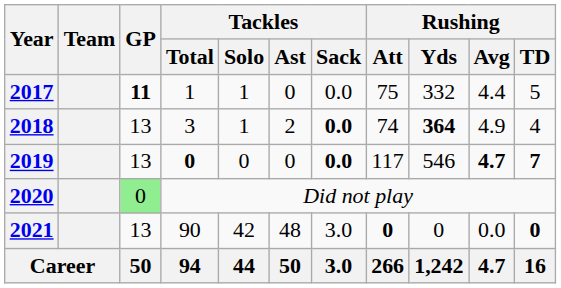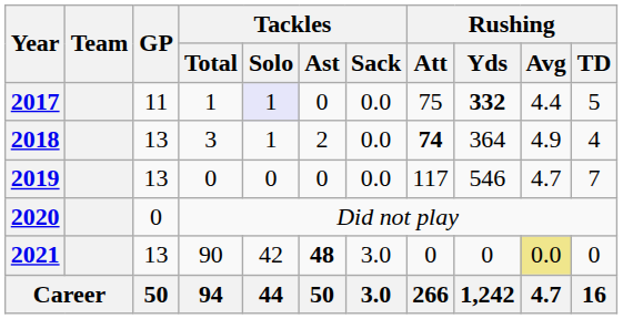 <table class="wikitable" style="text-align:center;">
 <tr>
 <th rowspan="2">Year</th>
 <th rowspan="2">Team</th>
 <th rowspan="2">GP</th>
 <th colspan="4">Tackles</th>
 <th colspan="4">Rushing</th>
 </tr>
 <tr>
 <th>Total</th>
 <th>Solo</th>
 <th>Ast</th>
 <th>Sack</th>
 <th>Att</th>
 <th>Yds</th>
 <th>Avg</th>
 <th>TD</th>
 </tr>
 <tr>
 <th><a href='#'>2017</a></th>
 <th><a href='#'></a></th>
-<td><strong>11</strong></td>
+<td>11</td>
 <td>1</td>
-<td>1</td>
+<td style="background: lavender;">1</td>
 <td>0</td>
 <td>0.0</td>
 <td>75</td>
-<td>332</td>
+<td><strong>332</strong></td>
 <td>4.4</td>
 <td>5</td>
 </tr>
 <tr>
 <th><a href='#'>2018</a></th>
 <th><a href='#'></a></th>
 <td>13</td>
 <td>3</td>
 <td>1</td>
 <td>2</td>
-<td><strong>0.0</strong></td>
-<td>74</td>
-<td><strong>364</strong></td>
+<td>0.0</td>
+<td><strong>74</strong></td>
+<td>364</td>
 <td>4.9</td>
 <td>4</td>
 </tr>
 <tr>
 <th><a href='#'>2019</a></th>
 <th><a href='#'></a></th>
 <td>13</td>
-<td><strong>0</strong></td>
 <td>0</td>
 <td>0</td>
-<td><strong>0.0</strong></td>
+<td>0</td>
+<td>0.0</td>
 <td>117</td>
 <td>546</td>
-<td><strong>4.7</strong></td>
-<td><strong>7</strong></td>
+<td>4.7</td>
+<td>7</td>
 </tr>
 <tr>
 <th><a href='#'>2020</a></th>
 <th><a href='#'></a></th>
-<td style="background: lightgreen;">0</td>
+<td>0</td>
 <td colspan="8"><em>Did not play</em></td>
 </tr>
 <tr>
 <th><a href='#'>2021</a></th>
 <th><a href='#'></a></th>
 <td>13</td>
 <td>90</td>
 <td>42</td>
-<td>48</td>
+<td><strong>48</strong></td>
 <td>3.0</td>
-<td><strong>0</strong></td>
 <td>0</td>
-<td>0.0</td>
-<td><strong>0</strong></td>
+<td>0</td>
+<td style="background: khaki;">0.0</td>
+<td>0</td>
 </tr>
 <tr>
 <th align=center colspan="2">Career</th>
 <th>50</th>
 <th>94</th>
 <th>44</th>
 <th>50</th>
 <th>3.0</th>
 <th>266</th>
 <th>1,242</th>
 <th>4.7</th>
 <th>16</th>
 </tr>
 </table>
